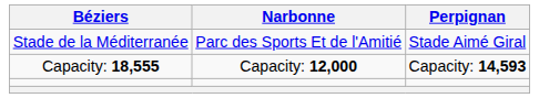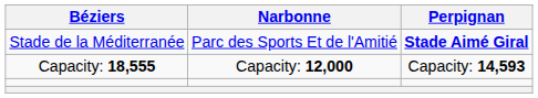 <table class="wikitable" style="text-align:center; margin:1em auto;">
 <tr>
 <th><a href='#'>Béziers</a></th>
 <th><a href='#'>Narbonne</a></th>
 <th><a href='#'>Perpignan</a></th>
 </tr>
 <tr>
 <td><a href='#'>Stade de la Méditerranée</a></td>
 <td><a href='#'>Parc des Sports Et de l'Amitié</a></td>
-<td><a href='#'>Stade Aimé Giral</a></td>
+<td><strong><a href='#'>Stade Aimé Giral</a></strong></td>
 </tr>
 <tr>
 <td>Capacity: <strong>18,555</strong></td>
 <td>Capacity: <strong>12,000</strong></td>
 <td>Capacity: <strong>14,593</strong></td>
 </tr>
 <tr>
 <td></td>
 <td></td>
 <td></td>
 </tr>
 <tr>
 <th colspan=4 rowspan=5 text-align="center"></th>
 </tr>
 </table>
